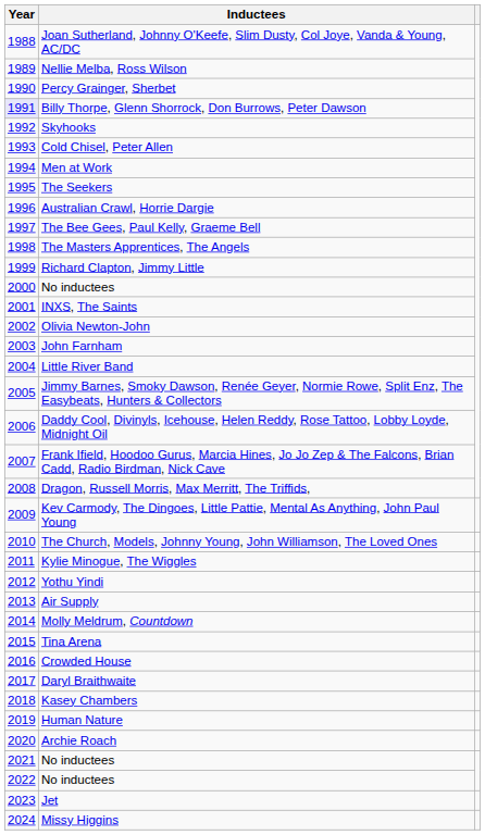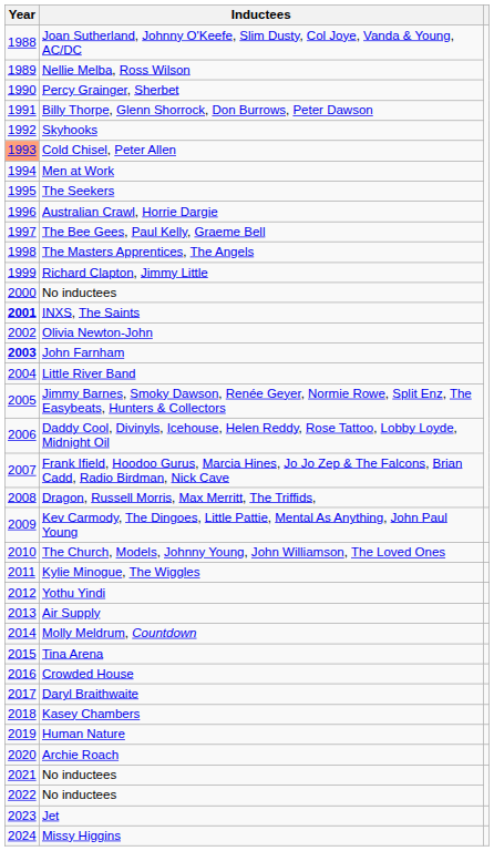 <table class="wikitable">
 <tr>
 <th>Year</th>
 <th>Inductees</th>
 <th scope="col"></th>
 </tr>
 <tr>
 <td><a href='#'>1988</a></td>
 <td><a href='#'>Joan Sutherland</a>, <a href='#'>Johnny O'Keefe</a>, <a href='#'>Slim Dusty</a>, <a href='#'>Col Joye</a>, <a href='#'>Vanda & Young</a>, <a href='#'>AC/DC</a></td>
 <td rowspan="21"></td>
 </tr>
 <tr>
 <td><a href='#'>1989</a></td>
 <td><a href='#'>Nellie Melba</a>, <a href='#'>Ross Wilson</a></td>
 </tr>
 <tr>
 <td><a href='#'>1990</a></td>
 <td><a href='#'>Percy Grainger</a>, <a href='#'>Sherbet</a></td>
 </tr>
 <tr>
-<td style="background: lavender;"><a href='#'>1991</a></td>
+<td><a href='#'>1991</a></td>
 <td><a href='#'>Billy Thorpe</a>, <a href='#'>Glenn Shorrock</a>, <a href='#'>Don Burrows</a>, <a href='#'>Peter Dawson</a></td>
 </tr>
 <tr>
 <td><a href='#'>1992</a></td>
 <td><a href='#'>Skyhooks</a></td>
 </tr>
 <tr>
-<td><a href='#'>1993</a></td>
+<td style="background: lightsalmon;"><a href='#'>1993</a></td>
 <td><a href='#'>Cold Chisel</a>, <a href='#'>Peter Allen</a></td>
 </tr>
 <tr>
 <td><a href='#'>1994</a></td>
 <td><a href='#'>Men at Work</a></td>
 </tr>
 <tr>
 <td><a href='#'>1995</a></td>
 <td><a href='#'>The Seekers</a></td>
 </tr>
 <tr>
 <td><a href='#'>1996</a></td>
 <td><a href='#'>Australian Crawl</a>, <a href='#'>Horrie Dargie</a></td>
 </tr>
 <tr>
 <td><a href='#'>1997</a></td>
 <td><a href='#'>The Bee Gees</a>, <a href='#'>Paul Kelly</a>, <a href='#'>Graeme Bell</a></td>
 </tr>
 <tr>
 <td><a href='#'>1998</a></td>
 <td><a href='#'>The Masters Apprentices</a>, <a href='#'>The Angels</a></td>
 </tr>
 <tr>
 <td><a href='#'>1999</a></td>
 <td><a href='#'>Richard Clapton</a>, <a href='#'>Jimmy Little</a></td>
 </tr>
 <tr>
 <td><a href='#'>2000</a></td>
 <td>No inductees</td>
 </tr>
 <tr>
-<td><a href='#'>2001</a></td>
+<td><strong><a href='#'>2001</a></strong></td>
 <td><a href='#'>INXS</a>, <a href='#'>The Saints</a></td>
 </tr>
 <tr>
 <td><a href='#'>2002</a></td>
 <td><a href='#'>Olivia Newton-John</a></td>
 </tr>
 <tr>
-<td><a href='#'>2003</a></td>
+<td><strong><a href='#'>2003</a></strong></td>
 <td><a href='#'>John Farnham</a></td>
 </tr>
 <tr>
 <td><a href='#'>2004</a></td>
 <td><a href='#'>Little River Band</a></td>
 </tr>
 <tr>
 <td><a href='#'>2005</a></td>
 <td><a href='#'>Jimmy Barnes</a>, <a href='#'>Smoky Dawson</a>, <a href='#'>Renée Geyer</a>, <a href='#'>Normie Rowe</a>, <a href='#'>Split Enz</a>, <a href='#'>The Easybeats</a>, <a href='#'>Hunters & Collectors</a></td>
 </tr>
 <tr>
 <td><a href='#'>2006</a></td>
 <td><a href='#'>Daddy Cool</a>, <a href='#'>Divinyls</a>, <a href='#'>Icehouse</a>, <a href='#'>Helen Reddy</a>, <a href='#'>Rose Tattoo</a>, <a href='#'>Lobby Loyde</a>, <a href='#'>Midnight Oil</a></td>
 </tr>
 <tr>
 <td><a href='#'>2007</a></td>
 <td><a href='#'>Frank Ifield</a>, <a href='#'>Hoodoo Gurus</a>, <a href='#'>Marcia Hines</a>, <a href='#'>Jo Jo Zep & The Falcons</a>, <a href='#'>Brian Cadd</a>, <a href='#'>Radio Birdman</a>, <a href='#'>Nick Cave</a></td>
 </tr>
 <tr>
 <td><a href='#'>2008</a></td>
 <td><a href='#'>Dragon</a>, <a href='#'>Russell Morris</a>, <a href='#'>Max Merritt</a>, <a href='#'>The Triffids</a>, <s></s><small></small></td>
 </tr>
 <tr>
 <td><a href='#'>2009</a></td>
 <td><a href='#'>Kev Carmody</a>, <a href='#'>The Dingoes</a>, <a href='#'>Little Pattie</a>, <a href='#'>Mental As Anything</a>, <a href='#'>John Paul Young</a></td>
 <td></td>
 </tr>
 <tr>
 <td><a href='#'>2010</a></td>
 <td><a href='#'>The Church</a>, <a href='#'>Models</a>, <a href='#'>Johnny Young</a>, <a href='#'>John Williamson</a>, <a href='#'>The Loved Ones</a></td>
 <td></td>
 </tr>
 <tr>
 <td><a href='#'>2011</a></td>
 <td><a href='#'>Kylie Minogue</a>, <a href='#'>The Wiggles</a></td>
 <td></td>
 </tr>
 <tr>
 <td><a href='#'>2012</a></td>
 <td><a href='#'>Yothu Yindi</a></td>
 <td></td>
 </tr>
 <tr>
 <td><a href='#'>2013</a></td>
 <td><a href='#'>Air Supply</a></td>
 <td></td>
 </tr>
 <tr>
 <td><a href='#'>2014</a></td>
 <td><a href='#'>Molly Meldrum</a>, <em><a href='#'>Countdown</a></em></td>
 <td></td>
 </tr>
 <tr>
 <td><a href='#'>2015</a></td>
 <td><a href='#'>Tina Arena</a></td>
 <td></td>
 </tr>
 <tr>
 <td><a href='#'>2016</a></td>
 <td><a href='#'>Crowded House</a></td>
 <td></td>
 </tr>
 <tr>
 <td><a href='#'>2017</a></td>
 <td><a href='#'>Daryl Braithwaite</a></td>
 <td></td>
 </tr>
 <tr>
 <td><a href='#'>2018</a></td>
 <td><a href='#'>Kasey Chambers</a></td>
 <td></td>
 </tr>
 <tr>
 <td><a href='#'>2019</a></td>
 <td><a href='#'>Human Nature</a></td>
 <td></td>
 </tr>
 <tr>
 <td><a href='#'>2020</a></td>
 <td><a href='#'>Archie Roach</a></td>
 <td></td>
 </tr>
 <tr>
 <td><a href='#'>2021</a></td>
 <td>No inductees</td>
 <td rowspan="2"></td>
 </tr>
 <tr>
 <td><a href='#'>2022</a></td>
 <td>No inductees</td>
 </tr>
 <tr>
 <td><a href='#'>2023</a></td>
 <td><a href='#'>Jet</a></td>
 <td></td>
 </tr>
 <tr>
 <td><a href='#'>2024</a></td>
 <td><a href='#'>Missy Higgins</a></td>
 <td></td>
 </tr>
 </table>
